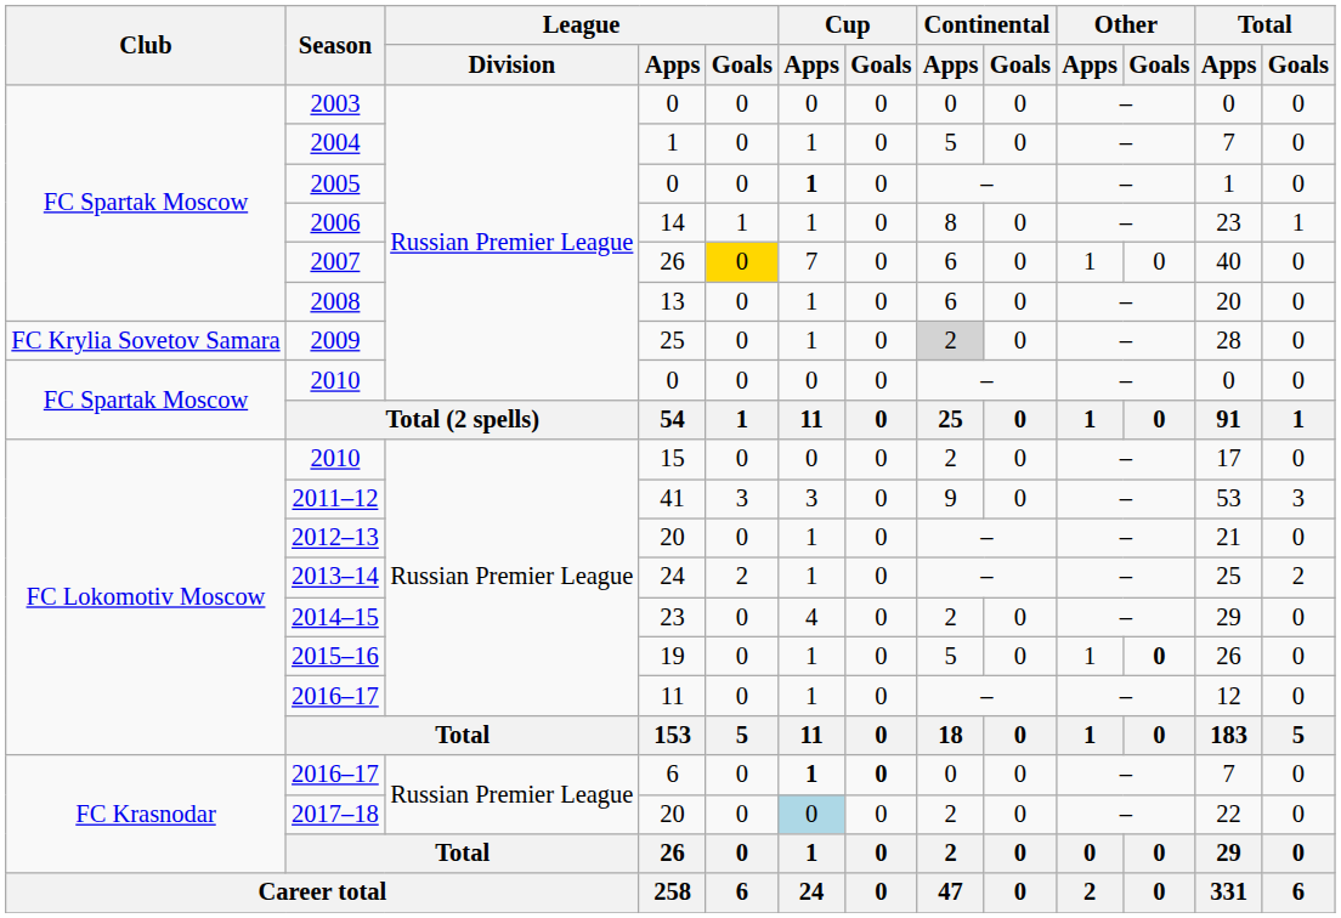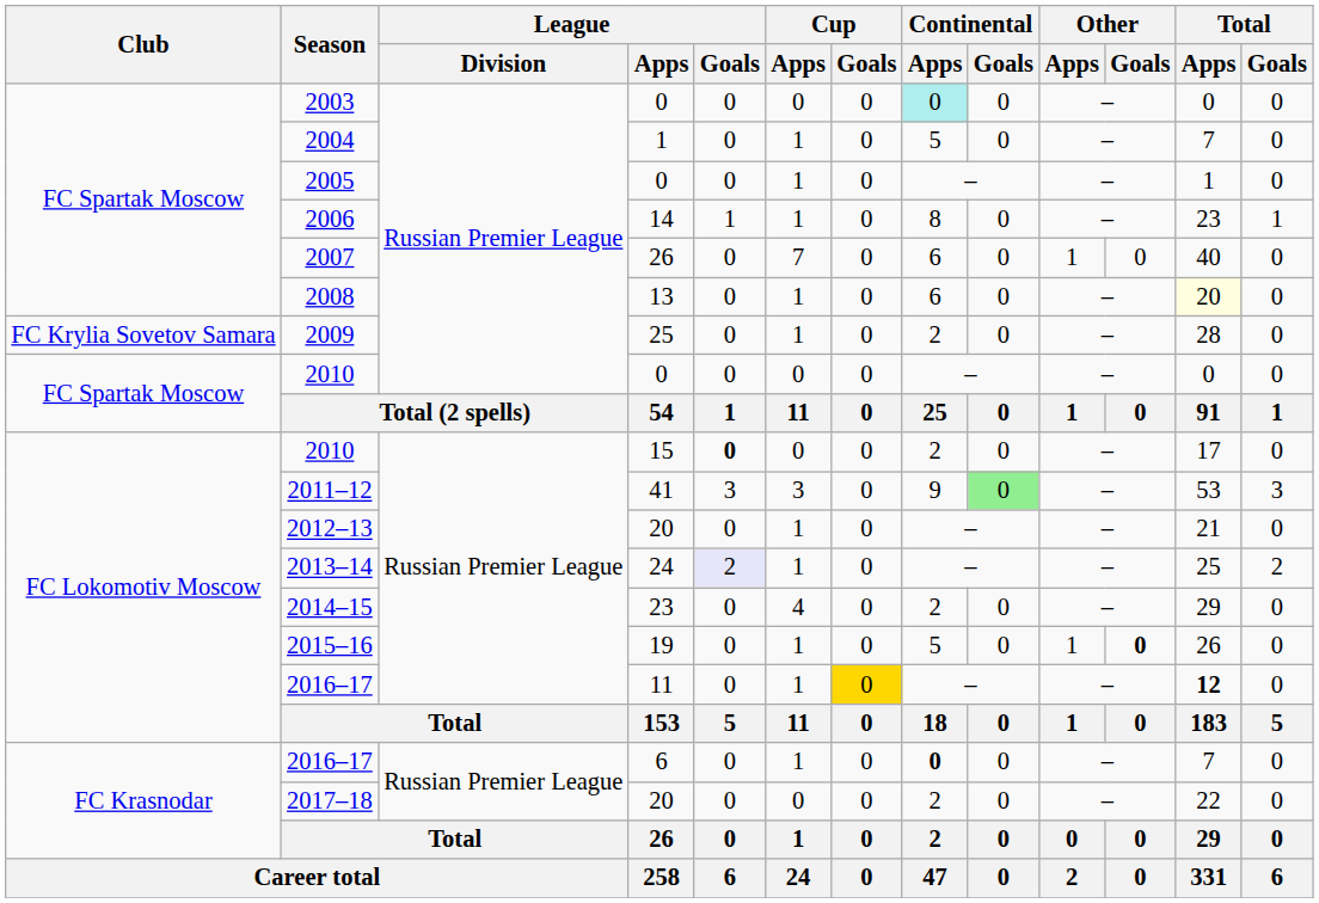 <table class="wikitable" style="text-align: center;">
 <tr>
 <th rowspan=2>Club</th>
 <th rowspan=2>Season</th>
 <th colspan=3>League</th>
 <th colspan=2>Cup</th>
 <th colspan=2>Continental</th>
 <th colspan=2>Other</th>
 <th colspan=2>Total</th>
 </tr>
 <tr>
 <th>Division</th>
 <th>Apps</th>
 <th>Goals</th>
 <th>Apps</th>
 <th>Goals</th>
 <th>Apps</th>
 <th>Goals</th>
 <th>Apps</th>
 <th>Goals</th>
 <th>Apps</th>
 <th>Goals</th>
 </tr>
 <tr>
 <td rowspan=6><a href='#'>FC Spartak Moscow</a></td>
 <td><a href='#'>2003</a></td>
 <td rowspan=8><a href='#'>Russian Premier League</a></td>
 <td>0</td>
 <td>0</td>
 <td>0</td>
 <td>0</td>
-<td>0</td>
+<td style="background: paleturquoise;">0</td>
 <td>0</td>
 <td colspan=2>–</td>
 <td>0</td>
 <td>0</td>
 </tr>
 <tr>
 <td><a href='#'>2004</a></td>
 <td>1</td>
 <td>0</td>
 <td>1</td>
 <td>0</td>
 <td>5</td>
 <td>0</td>
 <td colspan=2>–</td>
 <td>7</td>
 <td>0</td>
 </tr>
 <tr>
 <td><a href='#'>2005</a></td>
 <td>0</td>
 <td>0</td>
-<td><strong>1</strong></td>
+<td>1</td>
 <td>0</td>
 <td colspan=2>–</td>
 <td colspan=2>–</td>
 <td>1</td>
 <td>0</td>
 </tr>
 <tr>
 <td><a href='#'>2006</a></td>
 <td>14</td>
 <td>1</td>
 <td>1</td>
 <td>0</td>
 <td>8</td>
 <td>0</td>
 <td colspan=2>–</td>
 <td>23</td>
 <td>1</td>
 </tr>
 <tr>
 <td><a href='#'>2007</a></td>
 <td>26</td>
-<td style="background: gold;">0</td>
+<td>0</td>
 <td>7</td>
 <td>0</td>
 <td>6</td>
 <td>0</td>
 <td>1</td>
 <td>0</td>
 <td>40</td>
 <td>0</td>
 </tr>
 <tr>
 <td><a href='#'>2008</a></td>
 <td>13</td>
 <td>0</td>
 <td>1</td>
 <td>0</td>
 <td>6</td>
 <td>0</td>
 <td colspan=2>–</td>
-<td>20</td>
+<td style="background: lightyellow;">20</td>
 <td>0</td>
 </tr>
 <tr>
 <td><a href='#'>FC Krylia Sovetov Samara</a></td>
 <td><a href='#'>2009</a></td>
 <td>25</td>
 <td>0</td>
 <td>1</td>
 <td>0</td>
-<td style="background: lightgrey;">2</td>
+<td>2</td>
 <td>0</td>
 <td colspan=2>–</td>
 <td>28</td>
 <td>0</td>
 </tr>
 <tr>
 <td rowspan=2><a href='#'>FC Spartak Moscow</a></td>
 <td><a href='#'>2010</a></td>
 <td>0</td>
 <td>0</td>
 <td>0</td>
 <td>0</td>
 <td colspan=2>–</td>
 <td colspan=2>–</td>
 <td>0</td>
 <td>0</td>
 </tr>
 <tr>
 <th colspan=2>Total (2 spells)</th>
 <th>54</th>
 <th>1</th>
 <th>11</th>
 <th>0</th>
 <th>25</th>
 <th>0</th>
 <th>1</th>
 <th>0</th>
 <th>91</th>
 <th>1</th>
 </tr>
 <tr>
 <td rowspan=8><a href='#'>FC Lokomotiv Moscow</a></td>
 <td><a href='#'>2010</a></td>
 <td rowspan=7>Russian Premier League</td>
 <td>15</td>
-<td>0</td>
+<td><strong>0</strong></td>
 <td>0</td>
 <td>0</td>
 <td>2</td>
 <td>0</td>
 <td colspan=2>–</td>
 <td>17</td>
 <td>0</td>
 </tr>
 <tr>
 <td><a href='#'>2011–12</a></td>
 <td>41</td>
 <td>3</td>
 <td>3</td>
 <td>0</td>
 <td>9</td>
-<td>0</td>
+<td style="background: lightgreen;">0</td>
 <td colspan=2>–</td>
 <td>53</td>
 <td>3</td>
 </tr>
 <tr>
 <td><a href='#'>2012–13</a></td>
 <td>20</td>
 <td>0</td>
 <td>1</td>
 <td>0</td>
 <td colspan=2>–</td>
 <td colspan=2>–</td>
 <td>21</td>
 <td>0</td>
 </tr>
 <tr>
 <td><a href='#'>2013–14</a></td>
 <td>24</td>
-<td>2</td>
+<td style="background: lavender;">2</td>
 <td>1</td>
 <td>0</td>
 <td colspan=2>–</td>
 <td colspan=2>–</td>
 <td>25</td>
 <td>2</td>
 </tr>
 <tr>
 <td><a href='#'>2014–15</a></td>
 <td>23</td>
 <td>0</td>
 <td>4</td>
 <td>0</td>
 <td>2</td>
 <td>0</td>
 <td colspan=2>–</td>
 <td>29</td>
 <td>0</td>
 </tr>
 <tr>
 <td><a href='#'>2015–16</a></td>
 <td>19</td>
 <td>0</td>
 <td>1</td>
 <td>0</td>
 <td>5</td>
 <td>0</td>
 <td>1</td>
 <td><strong>0</strong></td>
 <td>26</td>
 <td>0</td>
 </tr>
 <tr>
 <td><a href='#'>2016–17</a></td>
 <td>11</td>
 <td>0</td>
 <td>1</td>
-<td>0</td>
+<td style="background: gold;">0</td>
 <td colspan=2>–</td>
 <td colspan=2>–</td>
-<td>12</td>
+<td><strong>12</strong></td>
 <td>0</td>
 </tr>
 <tr>
 <th colspan=2>Total</th>
 <th>153</th>
 <th>5</th>
 <th>11</th>
 <th>0</th>
 <th>18</th>
 <th>0</th>
 <th>1</th>
 <th>0</th>
 <th>183</th>
 <th>5</th>
 </tr>
 <tr>
 <td rowspan=3><a href='#'>FC Krasnodar</a></td>
 <td><a href='#'>2016–17</a></td>
 <td rowspan=2>Russian Premier League</td>
 <td>6</td>
 <td>0</td>
-<td><strong>1</strong></td>
+<td>1</td>
+<td>0</td>
 <td><strong>0</strong></td>
-<td>0</td>
 <td>0</td>
 <td colspan=2>–</td>
 <td>7</td>
 <td>0</td>
 </tr>
 <tr>
 <td><a href='#'>2017–18</a></td>
 <td>20</td>
 <td>0</td>
-<td style="background: lightblue;">0</td>
+<td>0</td>
 <td>0</td>
 <td>2</td>
 <td>0</td>
 <td colspan=2>–</td>
 <td>22</td>
 <td>0</td>
 </tr>
 <tr>
 <th colspan=2>Total</th>
 <th>26</th>
 <th>0</th>
 <th>1</th>
 <th>0</th>
 <th>2</th>
 <th>0</th>
 <th>0</th>
 <th>0</th>
 <th>29</th>
 <th>0</th>
 </tr>
 <tr>
 <th colspan=3>Career total</th>
 <th>258</th>
 <th>6</th>
 <th>24</th>
 <th>0</th>
 <th>47</th>
 <th>0</th>
 <th>2</th>
 <th>0</th>
 <th>331</th>
 <th>6</th>
 </tr>
 <tr>
 </tr>
 </table>
